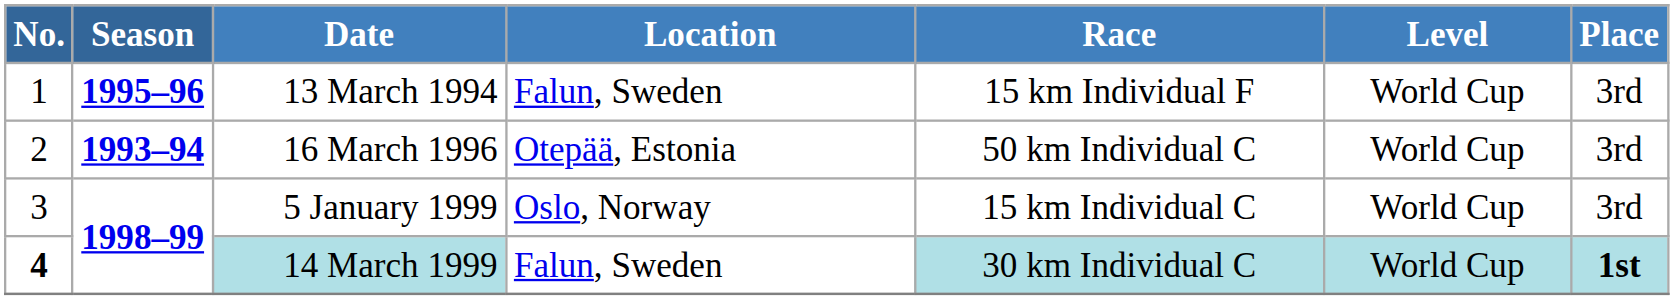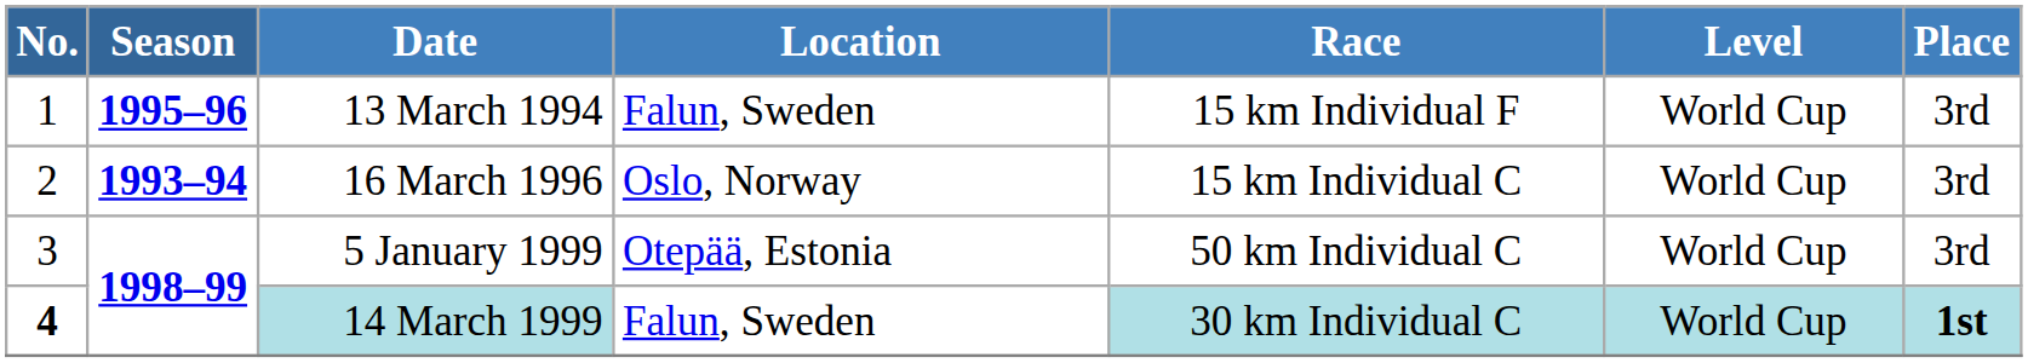 <table class="wikitable sortable" style="font-size:95%; text-align:center; border:grey solid 1px; border-collapse:collapse; background:#ffffff;">
 <tr style="background:#efefef;">
 <th style="background-color:#369; color:white;">No.</th>
 <th style="background-color:#369; color:white;">Season</th>
 <th style="background-color:#4180be; color:white; width:120px;">Date</th>
 <th style="background-color:#4180be; color:white; width:170px;">Location</th>
 <th style="background-color:#4180be; color:white; width:170px;">Race</th>
 <th style="background-color:#4180be; color:white; width:100px;">Level</th>
 <th style="background-color:#4180be; color:white;">Place</th>
 </tr>
 <tr>
 <td align=center>1</td>
 <td rowspan=1 align=center><strong><a href='#'>1995–96</a></strong></td>
 <td align=right>13 March 1994</td>
 <td align=left> <a href='#'>Falun</a>, Sweden</td>
 <td>15 km Individual F</td>
 <td>World Cup</td>
 <td>3rd</td>
 </tr>
 <tr>
 <td align=center>2</td>
 <td rowspan=1 align=center><strong><a href='#'>1993–94</a></strong></td>
 <td align=right>16 March 1996</td>
-<td align=left> <a href='#'>Otepää</a>, Estonia</td>
-<td>50 km Individual C</td>
+<td align=left> <a href='#'>Oslo</a>, Norway</td>
+<td>15 km Individual C</td>
 <td>World Cup</td>
 <td>3rd</td>
 </tr>
 <tr>
 <td align=center>3</td>
 <td rowspan=2 align=center><strong><a href='#'>1998–99</a></strong></td>
 <td align=right>5 January 1999</td>
-<td align=left> <a href='#'>Oslo</a>, Norway</td>
-<td>15 km Individual C</td>
+<td align=left> <a href='#'>Otepää</a>, Estonia</td>
+<td>50 km Individual C</td>
 <td>World Cup</td>
 <td>3rd</td>
 </tr>
 <tr>
 <td align=center><strong>4</strong></td>
 <td bgcolor="#BOEOE6" align=right>14 March 1999</td>
 <td align=left> <a href='#'>Falun</a>, Sweden</td>
 <td bgcolor="#BOEOE6">30 km Individual C</td>
 <td bgcolor="#BOEOE6">World Cup</td>
 <td bgcolor="#BOEOE6"><strong>1st</strong></td>
 </tr>
 <tr>
 </tr>
 </table>
